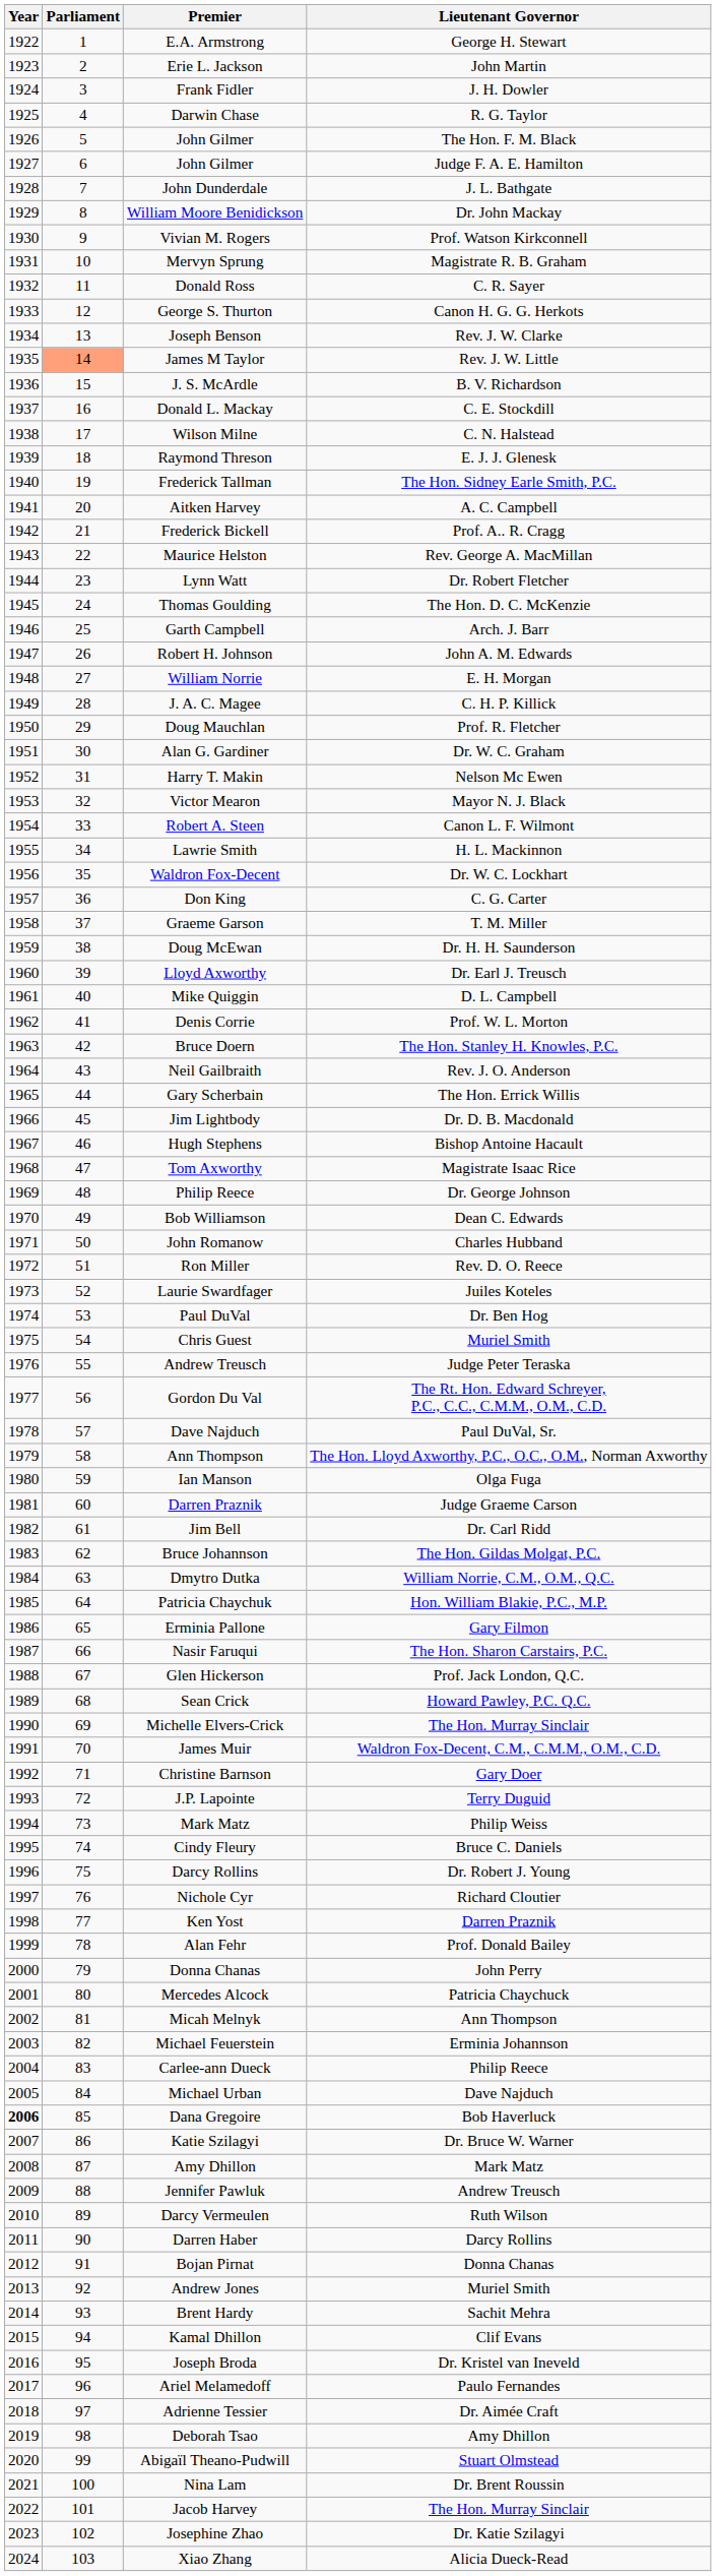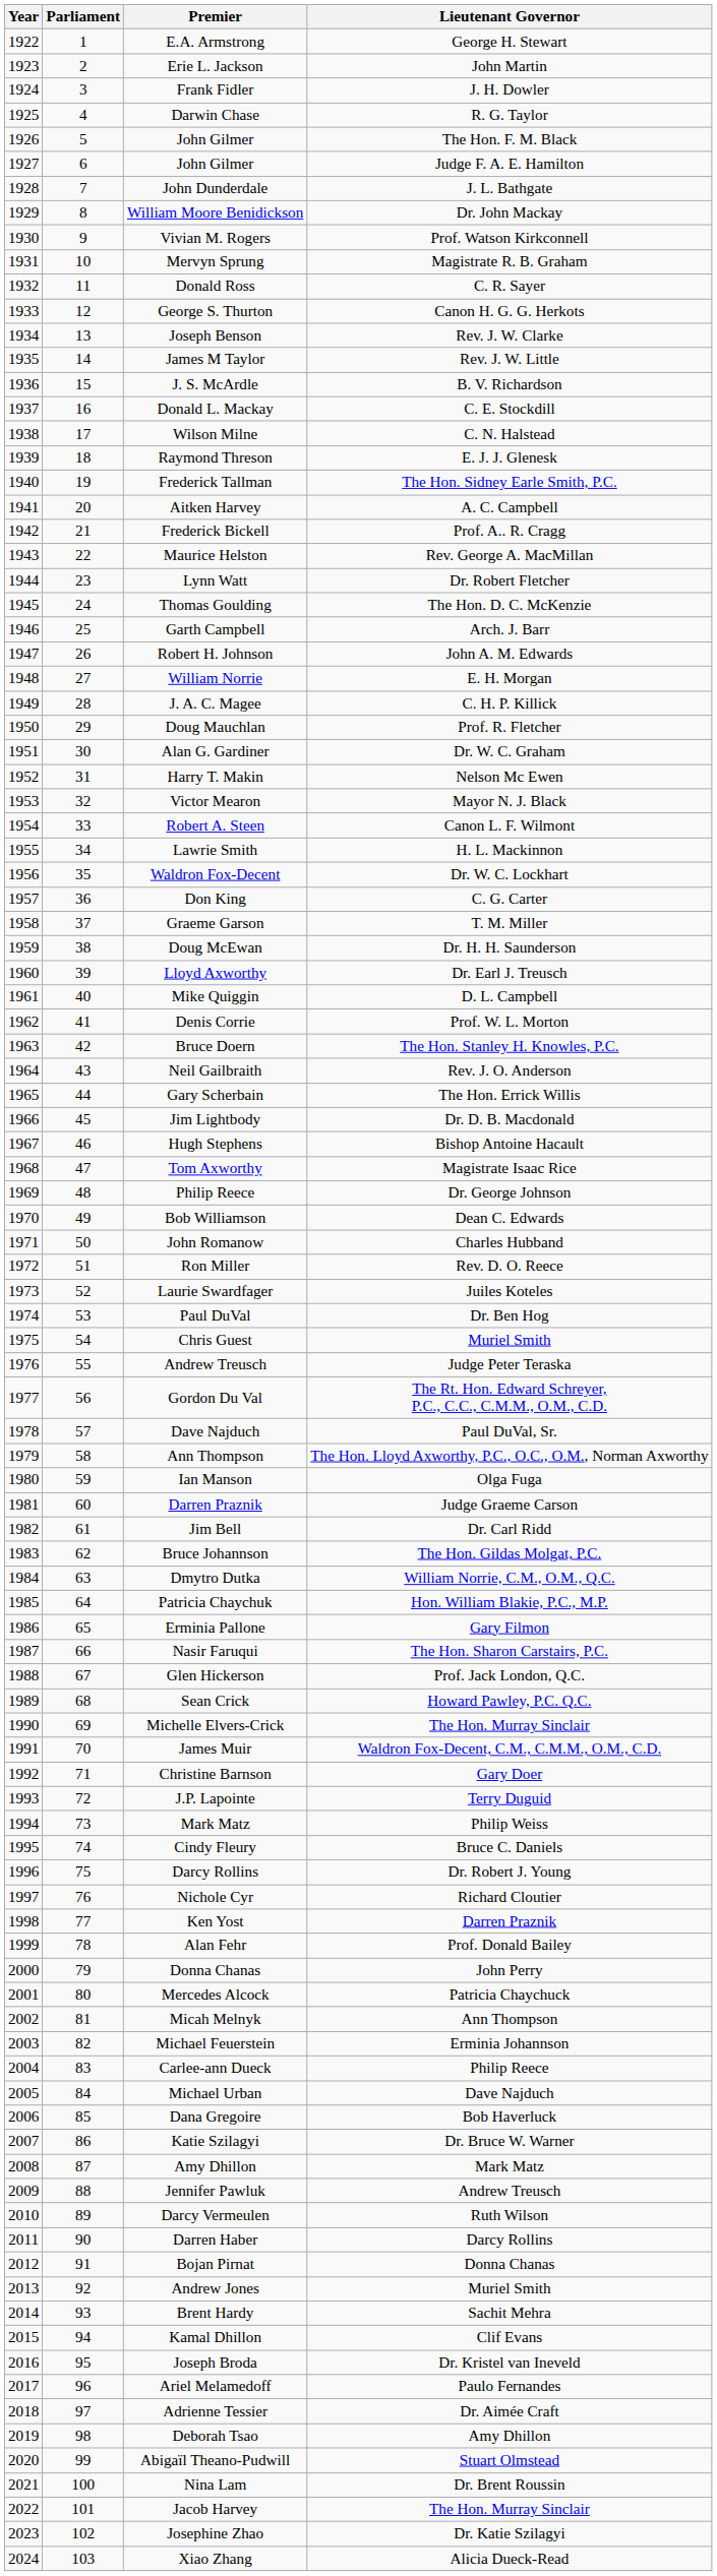 <table class="wikitable mw-collapsible mw-collapsed" style="text-align:center;" summary="This table lists all past Premiers and Lieutenant Governors of the Youth Parliament of Manitoba in order from the earliest to the most recent.">
 <tr>
 <th>Year</th>
 <th>Parliament</th>
 <th>Premier</th>
 <th>Lieutenant Governor</th>
 </tr>
 <tr>
 <td>1922</td>
 <td>1</td>
 <td>E.A. Armstrong</td>
 <td>George H. Stewart</td>
 </tr>
 <tr>
 <td>1923</td>
 <td>2</td>
 <td>Erie L. Jackson</td>
 <td>John Martin</td>
 </tr>
 <tr>
 <td>1924</td>
 <td>3</td>
 <td>Frank Fidler</td>
 <td>J. H. Dowler</td>
 </tr>
 <tr>
 <td>1925</td>
 <td>4</td>
 <td>Darwin Chase</td>
 <td>R. G. Taylor</td>
 </tr>
 <tr>
 <td>1926</td>
 <td>5</td>
 <td>John Gilmer</td>
 <td>The Hon. F. M. Black</td>
 </tr>
 <tr>
 <td>1927</td>
 <td>6</td>
 <td>John Gilmer</td>
 <td>Judge F. A. E. Hamilton</td>
 </tr>
 <tr>
 <td>1928</td>
 <td>7</td>
 <td>John Dunderdale</td>
 <td>J. L. Bathgate</td>
 </tr>
 <tr>
 <td>1929</td>
 <td>8</td>
 <td><a href='#'>William Moore Benidickson</a></td>
 <td>Dr. John Mackay</td>
 </tr>
 <tr>
 <td>1930</td>
 <td>9</td>
 <td>Vivian M. Rogers</td>
 <td>Prof. Watson Kirkconnell</td>
 </tr>
 <tr>
 <td>1931</td>
 <td>10</td>
 <td>Mervyn Sprung</td>
 <td>Magistrate R. B. Graham</td>
 </tr>
 <tr>
 <td>1932</td>
 <td>11</td>
 <td>Donald Ross</td>
 <td>C. R. Sayer</td>
 </tr>
 <tr>
 <td>1933</td>
 <td>12</td>
 <td>George S. Thurton</td>
 <td>Canon H. G. G. Herkots</td>
 </tr>
 <tr>
 <td>1934</td>
 <td>13</td>
 <td>Joseph Benson</td>
 <td>Rev. J. W. Clarke</td>
 </tr>
 <tr>
 <td>1935</td>
-<td style="background: lightsalmon;">14</td>
+<td>14</td>
 <td>James M Taylor</td>
 <td>Rev. J. W. Little</td>
 </tr>
 <tr>
 <td>1936</td>
 <td>15</td>
 <td>J. S. McArdle</td>
 <td>B. V. Richardson</td>
 </tr>
 <tr>
 <td>1937</td>
 <td>16</td>
 <td>Donald L. Mackay</td>
 <td>C. E. Stockdill</td>
 </tr>
 <tr>
 <td>1938</td>
 <td>17</td>
 <td>Wilson Milne</td>
 <td>C. N. Halstead</td>
 </tr>
 <tr>
 <td>1939</td>
 <td>18</td>
 <td>Raymond Threson</td>
 <td>E. J. J. Glenesk</td>
 </tr>
 <tr>
 <td>1940</td>
 <td>19</td>
 <td>Frederick Tallman</td>
 <td><a href='#'>The Hon. Sidney Earle Smith, P.C.</a></td>
 </tr>
 <tr>
 <td>1941</td>
 <td>20</td>
 <td>Aitken Harvey</td>
 <td>A. C. Campbell</td>
 </tr>
 <tr>
 <td>1942</td>
 <td>21</td>
 <td>Frederick Bickell</td>
 <td>Prof. A.. R. Cragg</td>
 </tr>
 <tr>
 <td>1943</td>
 <td>22</td>
 <td>Maurice Helston</td>
 <td>Rev. George A. MacMillan</td>
 </tr>
 <tr>
 <td>1944</td>
 <td>23</td>
 <td>Lynn Watt</td>
 <td>Dr. Robert Fletcher</td>
 </tr>
 <tr>
 <td>1945</td>
 <td>24</td>
 <td>Thomas Goulding</td>
 <td>The Hon. D. C. McKenzie</td>
 </tr>
 <tr>
 <td>1946</td>
 <td>25</td>
 <td>Garth Campbell</td>
 <td>Arch. J. Barr</td>
 </tr>
 <tr>
 <td>1947</td>
 <td>26</td>
 <td>Robert H. Johnson</td>
 <td>John A. M. Edwards</td>
 </tr>
 <tr>
 <td>1948</td>
 <td>27</td>
 <td><a href='#'>William Norrie</a></td>
 <td>E. H. Morgan</td>
 </tr>
 <tr>
 <td>1949</td>
 <td>28</td>
 <td>J. A. C. Magee</td>
 <td>C. H. P. Killick</td>
 </tr>
 <tr>
 <td>1950</td>
 <td>29</td>
 <td>Doug Mauchlan</td>
 <td>Prof. R. Fletcher</td>
 </tr>
 <tr>
 <td>1951</td>
 <td>30</td>
 <td>Alan G. Gardiner</td>
 <td>Dr. W. C. Graham</td>
 </tr>
 <tr>
 <td>1952</td>
 <td>31</td>
 <td>Harry T. Makin</td>
 <td>Nelson Mc Ewen</td>
 </tr>
 <tr>
 <td>1953</td>
 <td>32</td>
 <td>Victor Mearon</td>
 <td>Mayor N. J. Black</td>
 </tr>
 <tr>
 <td>1954</td>
 <td>33</td>
 <td><a href='#'>Robert A. Steen</a></td>
 <td>Canon L. F. Wilmont</td>
 </tr>
 <tr>
 <td>1955</td>
 <td>34</td>
 <td>Lawrie Smith</td>
 <td>H. L. Mackinnon</td>
 </tr>
 <tr>
 <td>1956</td>
 <td>35</td>
 <td><a href='#'>Waldron Fox-Decent</a></td>
 <td>Dr. W. C. Lockhart</td>
 </tr>
 <tr>
 <td>1957</td>
 <td>36</td>
 <td>Don King</td>
 <td>C. G. Carter</td>
 </tr>
 <tr>
 <td>1958</td>
 <td>37</td>
 <td>Graeme Garson</td>
 <td>T. M. Miller</td>
 </tr>
 <tr>
 <td>1959</td>
 <td>38</td>
 <td>Doug McEwan</td>
 <td>Dr. H. H. Saunderson</td>
 </tr>
 <tr>
 <td>1960</td>
 <td>39</td>
 <td><a href='#'>Lloyd Axworthy</a></td>
 <td>Dr. Earl J. Treusch</td>
 </tr>
 <tr>
 <td>1961</td>
 <td>40</td>
 <td>Mike Quiggin</td>
 <td>D. L. Campbell</td>
 </tr>
 <tr>
 <td>1962</td>
 <td>41</td>
 <td>Denis Corrie</td>
 <td>Prof. W. L. Morton</td>
 </tr>
 <tr>
 <td>1963</td>
 <td>42</td>
 <td>Bruce Doern</td>
 <td><a href='#'>The Hon. Stanley H. Knowles, P.C.</a></td>
 </tr>
 <tr>
 <td>1964</td>
 <td>43</td>
 <td>Neil Gailbraith</td>
 <td>Rev. J. O. Anderson</td>
 </tr>
 <tr>
 <td>1965</td>
 <td>44</td>
 <td>Gary Scherbain</td>
 <td>The Hon. Errick Willis</td>
 </tr>
 <tr>
 <td>1966</td>
 <td>45</td>
 <td>Jim Lightbody</td>
 <td>Dr. D. B. Macdonald</td>
 </tr>
 <tr>
 <td>1967</td>
 <td>46</td>
 <td>Hugh Stephens</td>
 <td>Bishop Antoine Hacault</td>
 </tr>
 <tr>
 <td>1968</td>
 <td>47</td>
 <td><a href='#'>Tom Axworthy</a></td>
 <td>Magistrate Isaac Rice</td>
 </tr>
 <tr>
 <td>1969</td>
 <td>48</td>
 <td>Philip Reece</td>
 <td>Dr. George Johnson</td>
 </tr>
 <tr>
 <td>1970</td>
 <td>49</td>
 <td>Bob Williamson</td>
 <td>Dean C. Edwards</td>
 </tr>
 <tr>
 <td>1971</td>
 <td>50</td>
 <td>John Romanow</td>
 <td>Charles Hubband</td>
 </tr>
 <tr>
 <td>1972</td>
 <td>51</td>
 <td>Ron Miller</td>
 <td>Rev. D. O. Reece</td>
 </tr>
 <tr>
 <td>1973</td>
 <td>52</td>
 <td>Laurie Swardfager</td>
 <td>Juiles Koteles</td>
 </tr>
 <tr>
 <td>1974</td>
 <td>53</td>
 <td>Paul DuVal</td>
 <td>Dr. Ben Hog</td>
 </tr>
 <tr>
 <td>1975</td>
 <td>54</td>
 <td>Chris Guest</td>
 <td><a href='#'>Muriel Smith</a></td>
 </tr>
 <tr>
 <td>1976</td>
 <td>55</td>
 <td>Andrew Treusch</td>
 <td>Judge Peter Teraska</td>
 </tr>
 <tr>
 <td>1977</td>
 <td>56</td>
 <td>Gordon Du Val</td>
 <td><a href='#'>The Rt. Hon. Edward Schreyer,<br>P.C., C.C., C.M.M., O.M., C.D.</a></td>
 </tr>
 <tr>
 <td>1978</td>
 <td>57</td>
 <td>Dave Najduch</td>
 <td>Paul DuVal, Sr.</td>
 </tr>
 <tr>
 <td>1979</td>
 <td>58</td>
 <td>Ann Thompson</td>
 <td><a href='#'>The Hon. Lloyd Axworthy, P.C., O.C., O.M.</a>, Norman Axworthy</td>
 </tr>
 <tr>
 <td>1980</td>
 <td>59</td>
 <td>Ian Manson</td>
 <td>Olga Fuga</td>
 </tr>
 <tr>
 <td>1981</td>
 <td>60</td>
 <td><a href='#'>Darren Praznik</a></td>
 <td>Judge Graeme Carson</td>
 </tr>
 <tr>
 <td>1982</td>
 <td>61</td>
 <td>Jim Bell</td>
 <td>Dr. Carl Ridd</td>
 </tr>
 <tr>
 <td>1983</td>
 <td>62</td>
 <td>Bruce Johannson</td>
 <td><a href='#'>The Hon. Gildas Molgat, P.C.</a></td>
 </tr>
 <tr>
 <td>1984</td>
 <td>63</td>
 <td>Dmytro Dutka</td>
 <td><a href='#'>William Norrie, C.M., O.M., Q.C.</a></td>
 </tr>
 <tr>
 <td>1985</td>
 <td>64</td>
 <td>Patricia Chaychuk</td>
 <td><a href='#'>Hon. William Blakie, P.C., M.P.</a></td>
 </tr>
 <tr>
 <td>1986</td>
 <td>65</td>
 <td>Erminia Pallone</td>
 <td><a href='#'>Gary Filmon</a></td>
 </tr>
 <tr>
 <td>1987</td>
 <td>66</td>
 <td>Nasir Faruqui</td>
 <td><a href='#'>The Hon. Sharon Carstairs, P.C.</a></td>
 </tr>
 <tr>
 <td>1988</td>
 <td>67</td>
 <td>Glen Hickerson</td>
 <td>Prof. Jack London, Q.C.</td>
 </tr>
 <tr>
 <td>1989</td>
 <td>68</td>
 <td>Sean Crick</td>
 <td><a href='#'>Howard Pawley, P.C. Q.C.</a></td>
 </tr>
 <tr>
 <td>1990</td>
 <td>69</td>
 <td>Michelle Elvers-Crick</td>
 <td><a href='#'>The Hon. Murray Sinclair</a></td>
 </tr>
 <tr>
 <td>1991</td>
 <td>70</td>
 <td>James Muir</td>
 <td><a href='#'>Waldron Fox-Decent, C.M., C.M.M., O.M., C.D.</a></td>
 </tr>
 <tr>
 <td>1992</td>
 <td>71</td>
 <td>Christine Barnson</td>
 <td><a href='#'>Gary Doer</a></td>
 </tr>
 <tr>
 <td>1993</td>
 <td>72</td>
 <td>J.P. Lapointe</td>
 <td><a href='#'>Terry Duguid</a></td>
 </tr>
 <tr>
 <td>1994</td>
 <td>73</td>
 <td>Mark Matz</td>
 <td>Philip Weiss</td>
 </tr>
 <tr>
 <td>1995</td>
 <td>74</td>
 <td>Cindy Fleury</td>
 <td>Bruce C. Daniels</td>
 </tr>
 <tr>
 <td>1996</td>
 <td>75</td>
 <td>Darcy Rollins</td>
 <td>Dr. Robert J. Young</td>
 </tr>
 <tr>
 <td>1997</td>
 <td>76</td>
 <td>Nichole Cyr</td>
 <td>Richard Cloutier</td>
 </tr>
 <tr>
 <td>1998</td>
 <td>77</td>
 <td>Ken Yost</td>
 <td><a href='#'>Darren Praznik</a></td>
 </tr>
 <tr>
 <td>1999</td>
 <td>78</td>
 <td>Alan Fehr</td>
 <td>Prof. Donald Bailey</td>
 </tr>
 <tr>
 <td>2000</td>
 <td>79</td>
 <td>Donna Chanas</td>
 <td>John Perry</td>
 </tr>
 <tr>
 <td>2001</td>
 <td>80</td>
 <td>Mercedes Alcock</td>
 <td>Patricia Chaychuck</td>
 </tr>
 <tr>
 <td>2002</td>
 <td>81</td>
 <td>Micah Melnyk</td>
 <td>Ann Thompson</td>
 </tr>
 <tr>
 <td>2003</td>
 <td>82</td>
 <td>Michael Feuerstein</td>
 <td>Erminia Johannson</td>
 </tr>
 <tr>
 <td>2004</td>
 <td>83</td>
 <td>Carlee-ann Dueck</td>
 <td>Philip Reece</td>
 </tr>
 <tr>
 <td>2005</td>
 <td>84</td>
 <td>Michael Urban</td>
 <td>Dave Najduch</td>
 </tr>
 <tr>
-<td><strong>2006</strong></td>
+<td>2006</td>
 <td>85</td>
 <td>Dana Gregoire</td>
 <td>Bob Haverluck</td>
 </tr>
 <tr>
 <td>2007</td>
 <td>86</td>
 <td>Katie Szilagyi</td>
 <td>Dr. Bruce W. Warner</td>
 </tr>
 <tr>
 <td>2008</td>
 <td>87</td>
 <td>Amy Dhillon</td>
 <td>Mark Matz</td>
 </tr>
 <tr>
 <td>2009</td>
 <td>88</td>
 <td>Jennifer Pawluk</td>
 <td>Andrew Treusch</td>
 </tr>
 <tr>
 <td>2010</td>
 <td>89</td>
 <td>Darcy Vermeulen</td>
 <td>Ruth Wilson</td>
 </tr>
 <tr>
 <td>2011</td>
 <td>90</td>
 <td>Darren Haber</td>
 <td>Darcy Rollins</td>
 </tr>
 <tr>
 <td>2012</td>
 <td>91</td>
 <td>Bojan Pirnat</td>
 <td>Donna Chanas</td>
 </tr>
 <tr>
 <td>2013</td>
 <td>92</td>
 <td>Andrew Jones</td>
 <td>Muriel Smith</td>
 </tr>
 <tr>
 <td>2014</td>
 <td>93</td>
 <td>Brent Hardy</td>
 <td>Sachit Mehra</td>
 </tr>
 <tr>
 <td>2015</td>
 <td>94</td>
 <td>Kamal Dhillon</td>
 <td>Clif Evans</td>
 </tr>
 <tr>
 <td>2016</td>
 <td>95</td>
 <td>Joseph Broda</td>
 <td>Dr. Kristel van Ineveld</td>
 </tr>
 <tr>
 <td>2017</td>
 <td>96</td>
 <td>Ariel Melamedoff</td>
 <td>Paulo Fernandes</td>
 </tr>
 <tr>
 <td>2018</td>
 <td>97</td>
 <td>Adrienne Tessier</td>
 <td>Dr. Aimée Craft</td>
 </tr>
 <tr>
 <td>2019</td>
 <td>98</td>
 <td>Deborah Tsao</td>
 <td>Amy Dhillon</td>
 </tr>
 <tr>
 <td>2020</td>
 <td>99</td>
 <td>Abigaïl Theano-Pudwill</td>
 <td><a href='#'>Stuart Olmstead</a></td>
 </tr>
 <tr>
 <td>2021</td>
 <td>100</td>
 <td>Nina Lam</td>
 <td>Dr. Brent Roussin</td>
 </tr>
 <tr>
 <td>2022</td>
 <td>101</td>
 <td>Jacob Harvey</td>
 <td><a href='#'>The Hon. Murray Sinclair</a></td>
 </tr>
 <tr>
 <td>2023</td>
 <td>102</td>
 <td>Josephine Zhao</td>
 <td>Dr. Katie Szilagyi</td>
 </tr>
 <tr>
 <td>2024</td>
 <td>103</td>
 <td>Xiao Zhang</td>
 <td>Alicia Dueck-Read</td>
 </tr>
 </table>
